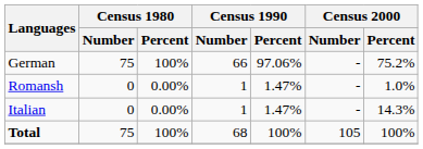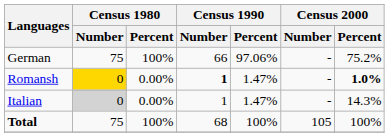 <table class="wikitable">
 <tr ---->
 <th rowspan="2">Languages</th>
 <th colspan="2">Census 1980</th>
 <th colspan="2">Census 1990</th>
 <th colspan="2">Census 2000</th>
 </tr>
 <tr ---->
 <th>Number</th>
 <th>Percent</th>
 <th>Number</th>
 <th>Percent</th>
 <th>Number</th>
 <th>Percent</th>
 </tr>
 <tr ---->
 <td>German</td>
 <td align=right>75</td>
 <td align=right>100%</td>
 <td align=right>66</td>
 <td align=right>97.06%</td>
 <td align=right>-</td>
 <td align=right>75.2%</td>
 </tr>
 <tr ---->
 <td><a href='#'>Romansh</a></td>
-<td align=right>0</td>
+<td align=right style="background: gold;">0</td>
 <td align=right>0.00%</td>
-<td align=right>1</td>
+<td align=right><strong>1</strong></td>
 <td align=right>1.47%</td>
 <td align=right>-</td>
-<td align=right>1.0%</td>
+<td align=right><strong>1.0%</strong></td>
 </tr>
 <tr ---->
 <td><a href='#'>Italian</a></td>
-<td align=right>0</td>
+<td align=right style="background: lightgrey;">0</td>
 <td align=right>0.00%</td>
 <td align=right>1</td>
 <td align=right>1.47%</td>
 <td align=right>-</td>
 <td align=right>14.3%</td>
 </tr>
 <tr ---->
 <td><strong>Total</strong></td>
 <td align=right>75</td>
 <td align=right>100%</td>
 <td align=right>68</td>
 <td align=right>100%</td>
 <td align=right>105</td>
 <td align=right>100%</td>
 </tr>
 <tr>
 </tr>
 </table>
